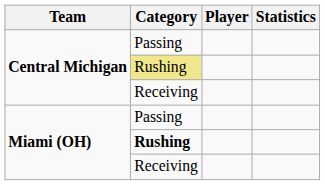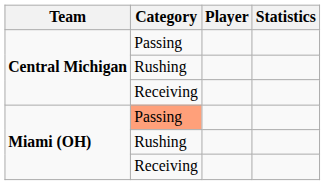 <table class="wikitable" style="float: right;">
 <tr>
 <th>Team</th>
 <th>Category</th>
 <th>Player</th>
 <th>Statistics</th>
 </tr>
 <tr>
 <td rowspan=3><strong>Central Michigan</strong></td>
 <td>Passing</td>
 <td></td>
 <td></td>
 </tr>
 <tr>
-<td style="background: khaki;">Rushing</td>
+<td>Rushing</td>
 <td></td>
 <td></td>
 </tr>
 <tr>
 <td>Receiving</td>
 <td></td>
 <td></td>
 </tr>
 <tr>
 <td rowspan=3><strong>Miami (OH)</strong></td>
-<td>Passing</td>
+<td style="background: lightsalmon;">Passing</td>
 <td></td>
 <td></td>
 </tr>
 <tr>
-<td><strong>Rushing</strong></td>
+<td>Rushing</td>
 <td></td>
 <td></td>
 </tr>
 <tr>
 <td>Receiving</td>
 <td></td>
 <td></td>
 </tr>
 </table>
